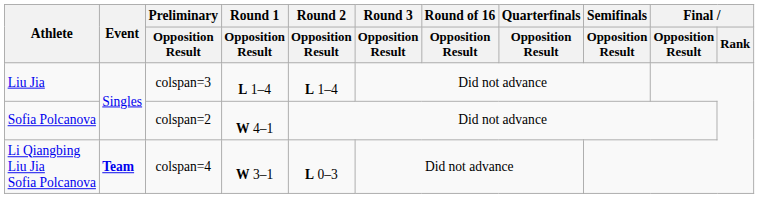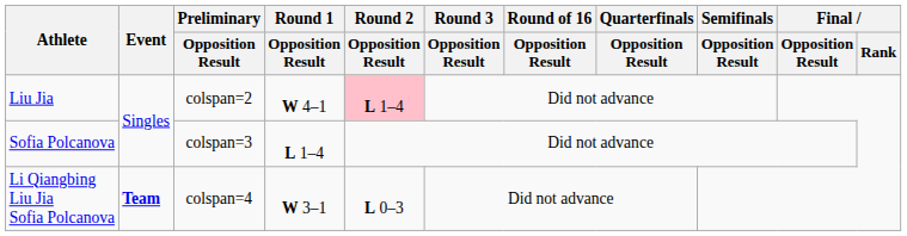 <table class="wikitable" style="font-size:90%;">
 <tr>
 <th rowspan=2>Athlete</th>
 <th rowspan=2>Event</th>
 <th>Preliminary</th>
 <th>Round 1</th>
 <th>Round 2</th>
 <th>Round 3</th>
 <th>Round of 16</th>
 <th>Quarterfinals</th>
 <th>Semifinals</th>
 <th colspan=2>Final / </th>
 </tr>
 <tr style="font-size:95%">
 <th>Opposition<br>Result</th>
 <th>Opposition<br>Result</th>
 <th>Opposition<br>Result</th>
 <th>Opposition<br>Result</th>
 <th>Opposition<br>Result</th>
 <th>Opposition<br>Result</th>
 <th>Opposition<br>Result</th>
 <th>Opposition<br>Result</th>
 <th>Rank</th>
 </tr>
 <tr align=center>
 <td align=left><a href='#'>Liu Jia</a></td>
 <td align=left rowspan=2><a href='#'>Singles</a></td>
-<td>colspan=3 </td>
-<td><br><strong>L</strong> 1–4</td>
-<td><br><strong>L</strong> 1–4</td>
+<td>colspan=2 </td>
+<td><br><strong>W</strong> 4–1</td>
+<td style="background: pink;"><br><strong>L</strong> 1–4</td>
 <td colspan=4>Did not advance</td>
 </tr>
 <tr align=center>
 <td align=left><a href='#'>Sofia Polcanova</a></td>
-<td>colspan=2 </td>
-<td><br><strong>W</strong> 4–1</td>
+<td>colspan=3 </td>
+<td><br><strong>L</strong> 1–4</td>
 <td colspan=6>Did not advance</td>
 </tr>
 <tr align=center>
 <td align=left><a href='#'>Li Qiangbing</a><br><a href='#'>Liu Jia</a><br><a href='#'>Sofia Polcanova</a></td>
 <td align=left><strong><a href='#'>Team</a></strong></td>
 <td>colspan=4 </td>
 <td><br><strong>W</strong> 3–1</td>
 <td><br><strong>L</strong> 0–3</td>
 <td colspan=3>Did not advance</td>
 </tr>
 </table>
